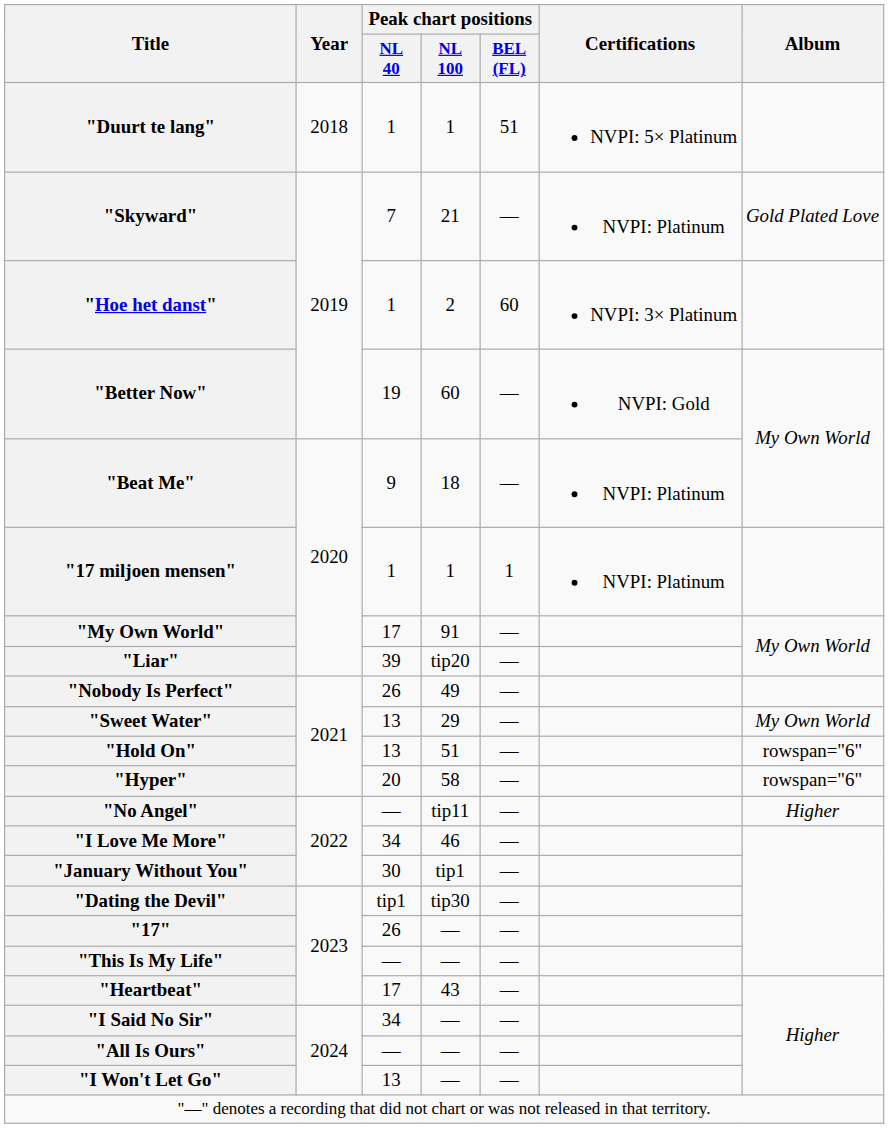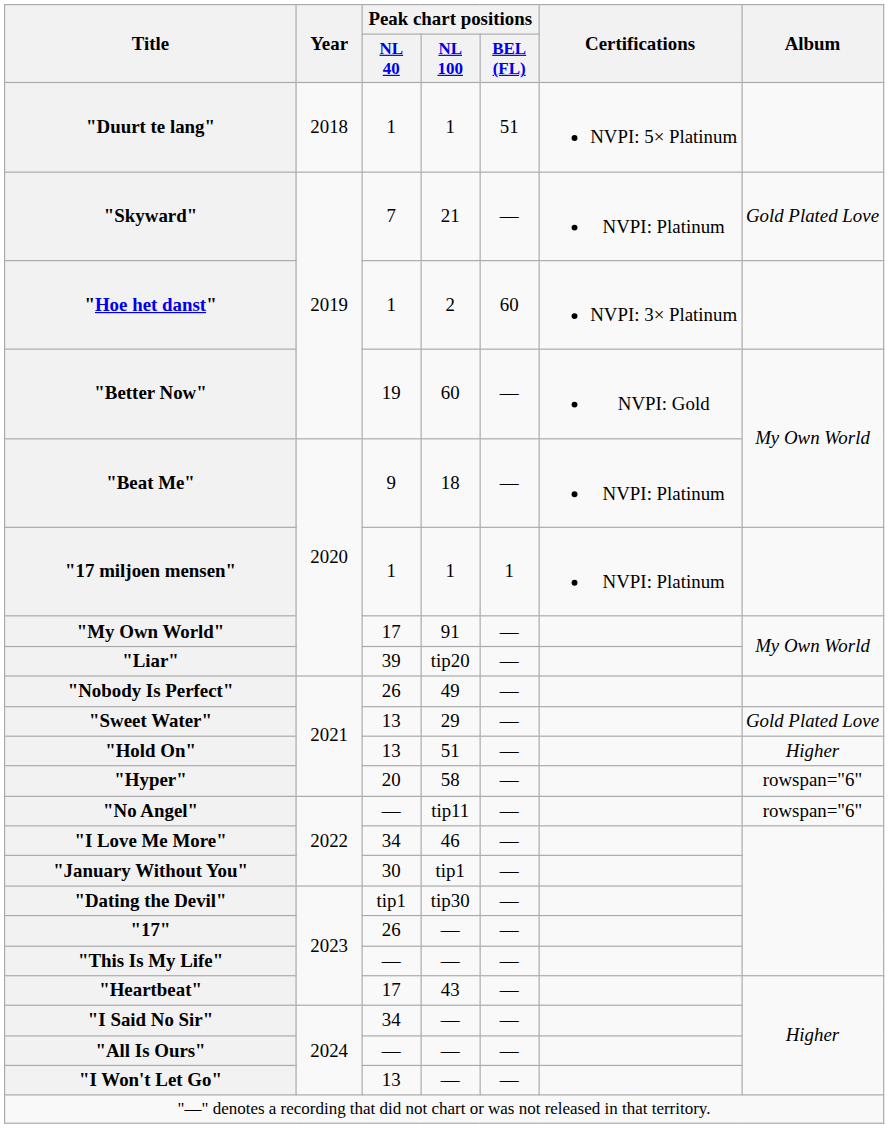 <table class="wikitable plainrowheaders" style="text-align:center;" border="1">
 <tr>
 <th scope="col" rowspan="2" style="width:15em;">Title</th>
 <th scope="col" rowspan="2" style="width:3em;">Year</th>
 <th colspan="3" scope="col">Peak chart positions</th>
 <th scope="col" rowspan="2">Certifications</th>
 <th scope="col" rowspan="2">Album</th>
 </tr>
 <tr>
 <th scope="col" style="width:3em;font-size:90%;"><a href='#'>NL<br>40</a><br></th>
 <th scope="col" style="width:3em;font-size:90%;"><a href='#'>NL<br>100</a><br></th>
 <th scope="col" style="width:3em;font-size:90%;"><a href='#'>BEL<br>(FL)</a><br></th>
 </tr>
 <tr>
 <th scope="row">"Duurt te lang"</th>
 <td>2018</td>
 <td>1</td>
 <td>1</td>
 <td>51</td>
 <td><br><ul><li>NVPI: 5× Platinum</li></ul></td>
 <td></td>
 </tr>
 <tr>
 <th scope="row">"Skyward"</th>
 <td rowspan="3">2019</td>
 <td>7</td>
 <td>21</td>
 <td>—</td>
 <td><br><ul><li>NVPI: Platinum</li></ul></td>
 <td><em>Gold Plated Love</em></td>
 </tr>
 <tr>
 <th scope="row">"<a href='#'>Hoe het danst</a>"<br></th>
 <td>1</td>
 <td>2</td>
 <td>60</td>
 <td><br><ul><li>NVPI: 3× Platinum</li></ul></td>
 <td></td>
 </tr>
 <tr>
 <th scope="row">"Better Now"</th>
 <td>19</td>
 <td>60</td>
 <td>—</td>
 <td><br><ul><li>NVPI: Gold</li></ul></td>
 <td rowspan="2"><em>My Own World</em></td>
 </tr>
 <tr>
 <th scope="row">"Beat Me"</th>
 <td rowspan="4">2020</td>
 <td>9</td>
 <td>18</td>
 <td>—</td>
 <td><br><ul><li>NVPI: Platinum</li></ul></td>
 </tr>
 <tr>
 <th scope="row">"17 miljoen mensen"<br></th>
 <td>1</td>
 <td>1</td>
 <td>1</td>
 <td><br><ul><li>NVPI: Platinum</li></ul></td>
 <td></td>
 </tr>
 <tr>
 <th scope="row">"My Own World"</th>
 <td>17</td>
 <td>91</td>
 <td>—</td>
 <td></td>
 <td rowspan="2"><em>My Own World</em></td>
 </tr>
 <tr>
 <th scope="row">"Liar"</th>
 <td>39</td>
 <td>tip20</td>
 <td>—</td>
 <td></td>
 </tr>
 <tr>
 <th scope="row">"Nobody Is Perfect"</th>
 <td rowspan="4">2021</td>
 <td>26</td>
 <td>49</td>
 <td>—</td>
 <td></td>
 <td></td>
 </tr>
 <tr>
 <th scope="row">"Sweet Water"</th>
 <td>13</td>
 <td>29</td>
 <td>—</td>
 <td></td>
-<td><em>My Own World</em></td>
+<td><em>Gold Plated Love</em></td>
 </tr>
 <tr>
 <th scope="row">"Hold On" <br></th>
 <td>13</td>
 <td>51</td>
 <td>―</td>
 <td></td>
-<td>rowspan="6" </td>
+<td><em>Higher</em></td>
 </tr>
 <tr>
 <th scope="row">"Hyper"</th>
 <td>20</td>
 <td>58</td>
 <td>—</td>
 <td></td>
 <td>rowspan="6" </td>
 </tr>
 <tr>
 <th scope="row">"No Angel"</th>
 <td rowspan="3">2022</td>
 <td>—</td>
 <td>tip11</td>
 <td>—</td>
 <td></td>
-<td><em>Higher</em></td>
+<td>rowspan="6" </td>
 </tr>
 <tr>
 <th scope="row">"I Love Me More"</th>
 <td>34</td>
 <td>46</td>
 <td>—</td>
 <td></td>
 </tr>
 <tr>
 <th scope="row">"January Without You"</th>
 <td>30</td>
 <td>tip1</td>
 <td>—</td>
 <td></td>
 </tr>
 <tr>
 <th scope="row">"Dating the Devil"</th>
 <td rowspan="4">2023</td>
 <td>tip1</td>
 <td>tip30</td>
 <td>—</td>
 <td></td>
 </tr>
 <tr>
 <th scope="row">"17"</th>
 <td>26</td>
 <td>—</td>
 <td>—</td>
 <td></td>
 </tr>
 <tr>
 <th scope="row">"This Is My Life"</th>
 <td>—</td>
 <td>—</td>
 <td>—</td>
 <td></td>
 </tr>
 <tr>
 <th scope="row">"Heartbeat"</th>
 <td>17</td>
 <td>43</td>
 <td>—</td>
 <td></td>
 <td rowspan="4"><em>Higher</em></td>
 </tr>
 <tr>
 <th scope="row">"I Said No Sir"</th>
 <td rowspan="3">2024</td>
 <td>34</td>
 <td>—</td>
 <td>—</td>
 <td></td>
 </tr>
 <tr>
 <th scope="row">"All Is Ours"</th>
 <td>—</td>
 <td>—</td>
 <td>—</td>
 <td></td>
 </tr>
 <tr>
 <th scope="row">"I Won't Let Go"</th>
 <td>13</td>
 <td>—</td>
 <td>—</td>
 <td></td>
 </tr>
 <tr>
 <td colspan="7" style="font-size:90%;">"—" denotes a recording that did not chart or was not released in that territory.</td>
 </tr>
 </table>
